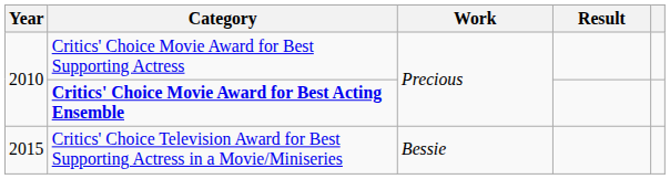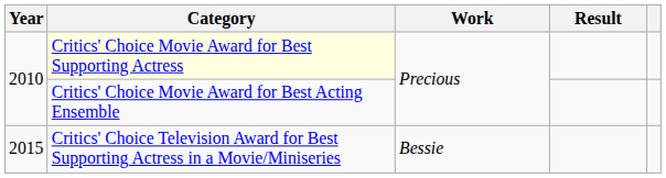 <table class="wikitable">
 <tr>
 <th scope="col" style="width:1em;">Year</th>
 <th scope="col" style="width:44em;">Category</th>
 <th scope="col" style="width:18em;">Work</th>
 <th scope="col" style="width:10em;">Result</th>
 <th class="unsortable" style="width:1em;"></th>
 </tr>
 <tr>
 <td rowspan="2">2010</td>
-<td><a href='#'>Critics' Choice Movie Award for Best Supporting Actress</a> </td>
+<td style="background: lightyellow;"><a href='#'>Critics' Choice Movie Award for Best Supporting Actress</a> </td>
 <td rowspan="2"><em>Precious</em></td>
 <td></td>
 <td></td>
 </tr>
 <tr>
-<td><strong><a href='#'>Critics' Choice Movie Award for Best Acting Ensemble</a> </strong></td>
+<td><a href='#'>Critics' Choice Movie Award for Best Acting Ensemble</a> </td>
 <td></td>
 <td></td>
 </tr>
 <tr>
 <td>2015</td>
 <td><a href='#'>Critics' Choice Television Award for Best Supporting Actress in a Movie/Miniseries</a> </td>
 <td><em>Bessie</em></td>
 <td></td>
 <td></td>
 </tr>
 </table>
